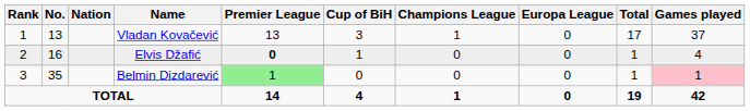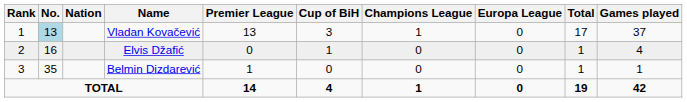 <table class="wikitable" style="text-align:center;">
 <tr>
 <th>Rank</th>
 <th>No.</th>
 <th>Nation</th>
 <th>Name</th>
 <th>Premier League</th>
 <th>Cup of BiH</th>
 <th>Champions League</th>
 <th>Europa League</th>
 <th>Total</th>
 <th>Games played</th>
 </tr>
 <tr>
 <td>1</td>
-<td>13</td>
+<td style="background: lightblue;">13</td>
 <td></td>
 <td><a href='#'>Vladan Kovačević</a></td>
 <td>13 </td>
 <td>3 </td>
 <td>1 </td>
 <td>0 </td>
 <td>17 </td>
 <td>37 </td>
 </tr>
 <tr bgcolor="#efefef">
 <td>2</td>
 <td>16</td>
 <td></td>
 <td><a href='#'>Elvis Džafić</a></td>
-<td><strong>0 </strong></td>
+<td>0 </td>
 <td>1 </td>
 <td>0 </td>
 <td>0 </td>
 <td>1 </td>
 <td>4 </td>
 </tr>
 <tr>
 <td>3</td>
 <td>35</td>
 <td></td>
 <td><a href='#'>Belmin Dizdarević</a></td>
-<td style="background: lightgreen;">1 </td>
+<td>1 </td>
 <td>0 </td>
 <td>0 </td>
 <td>0 </td>
 <td>1 </td>
-<td style="background: pink;">1 </td>
+<td>1 </td>
 </tr>
 <tr>
 <td colspan="4"><strong>TOTAL</strong></td>
 <td><strong>14</strong> </td>
 <td><strong>4</strong> </td>
 <td><strong>1</strong> </td>
 <td><strong>0</strong> </td>
 <td><strong>19</strong> </td>
 <td><strong>42</strong> </td>
 </tr>
 </table>
